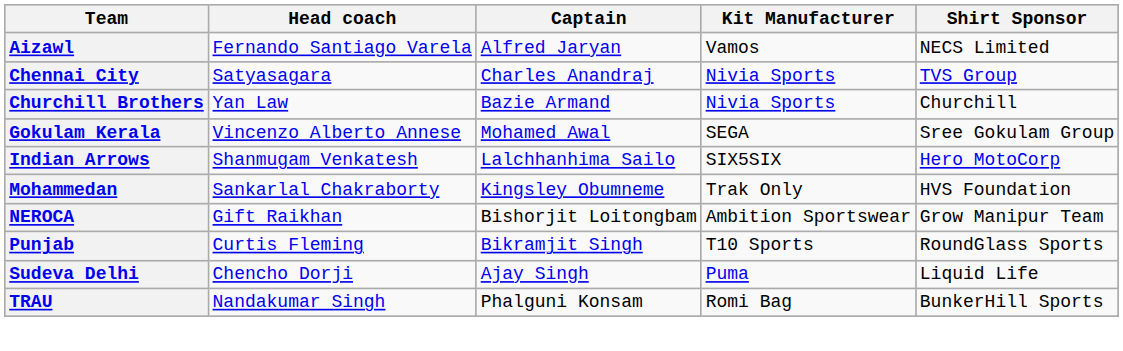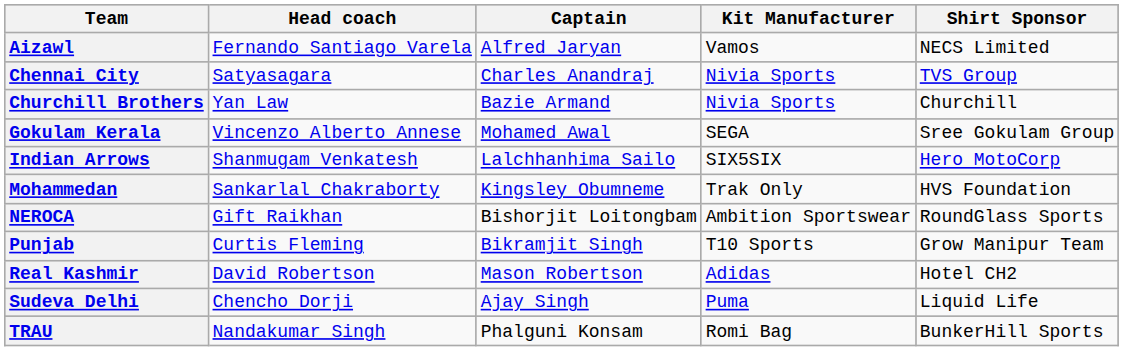 <table class="wikitable sortable" style="text-align: left; font-size:85%">
 <tr>
 <th scope=col>Team</th>
 <th scope=col>Head coach</th>
 <th scope=col>Captain</th>
 <th scope=col class=unsortable>Kit Manufacturer</th>
 <th scope=col class=unsortable>Shirt Sponsor</th>
 </tr>
 <tr>
 <th scope=row style="text-align: left;"><a href='#'>Aizawl</a></th>
 <td> <a href='#'>Fernando Santiago Varela</a></td>
 <td> <a href='#'>Alfred Jaryan</a></td>
 <td>Vamos</td>
 <td>NECS Limited</td>
 </tr>
 <tr>
 <th scope=row style="text-align: left;"><a href='#'>Chennai City</a></th>
 <td> <a href='#'>Satyasagara</a></td>
 <td> <a href='#'>Charles Anandraj</a></td>
 <td><a href='#'>Nivia Sports</a></td>
 <td><a href='#'>TVS Group</a></td>
 </tr>
 <tr>
 <th scope=row style="text-align: left;"><a href='#'>Churchill Brothers</a></th>
 <td> <a href='#'>Yan Law</a></td>
 <td> <a href='#'>Bazie Armand</a></td>
 <td><a href='#'>Nivia Sports</a></td>
 <td>Churchill</td>
 </tr>
 <tr>
 <th scope=row style="text-align: left;"><a href='#'>Gokulam Kerala</a></th>
 <td> <a href='#'>Vincenzo Alberto Annese</a></td>
 <td> <a href='#'>Mohamed Awal</a></td>
 <td>SEGA</td>
 <td>Sree Gokulam Group</td>
 </tr>
 <tr>
 <th scope=row style="text-align: left;"><a href='#'>Indian Arrows</a></th>
 <td> <a href='#'>Shanmugam Venkatesh</a></td>
 <td> <a href='#'>Lalchhanhima Sailo</a></td>
 <td>SIX5SIX</td>
 <td><a href='#'>Hero MotoCorp</a></td>
 </tr>
 <tr>
 <th scope=row style="text-align: left;"><a href='#'>Mohammedan</a></th>
 <td> <a href='#'>Sankarlal Chakraborty</a></td>
 <td> <a href='#'>Kingsley Obumneme</a></td>
 <td>Trak Only</td>
 <td>HVS Foundation</td>
 </tr>
 <tr>
 <th scope=row style="text-align: left;"><a href='#'>NEROCA</a></th>
 <td> <a href='#'>Gift Raikhan</a></td>
 <td> Bishorjit Loitongbam</td>
 <td>Ambition Sportswear</td>
-<td>Grow Manipur Team</td>
+<td>RoundGlass Sports</td>
 </tr>
 <tr>
 <th scope=row style="text-align: left;"><a href='#'>Punjab</a></th>
 <td> <a href='#'>Curtis Fleming</a></td>
 <td> <a href='#'>Bikramjit Singh</a></td>
 <td>T10 Sports</td>
-<td>RoundGlass Sports</td>
+<td>Grow Manipur Team</td>
+</tr>
+<tr>
+<th scope=row style="text-align: left;"><a href='#'>Real Kashmir</a></th>
+<td> <a href='#'>David Robertson</a></td>
+<td> <a href='#'>Mason Robertson</a></td>
+<td><a href='#'>Adidas</a></td>
+<td>Hotel CH2</td>
 </tr>
 <tr>
 <th scope=row style="text-align: left;"><a href='#'>Sudeva Delhi</a></th>
 <td> <a href='#'>Chencho Dorji</a></td>
 <td> <a href='#'>Ajay Singh</a></td>
 <td><a href='#'>Puma</a></td>
 <td>Liquid Life</td>
 </tr>
 <tr>
 <th scope=row style="text-align: left;"><a href='#'>TRAU</a></th>
 <td> <a href='#'>Nandakumar Singh</a></td>
 <td> Phalguni Konsam</td>
 <td>Romi Bag</td>
 <td>BunkerHill Sports</td>
 </tr>
 </table>
